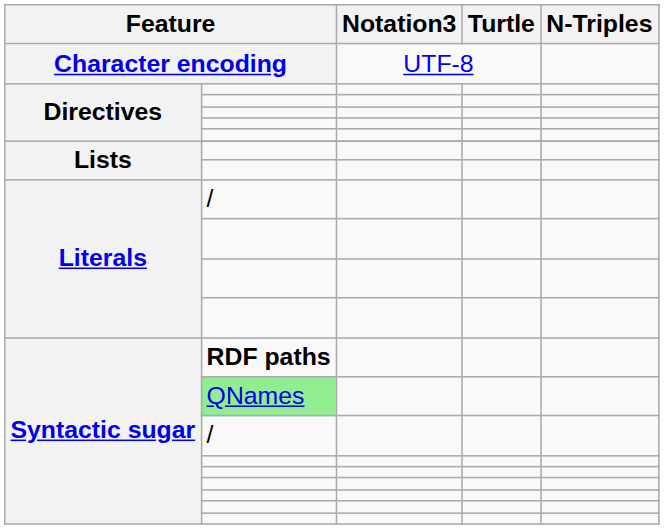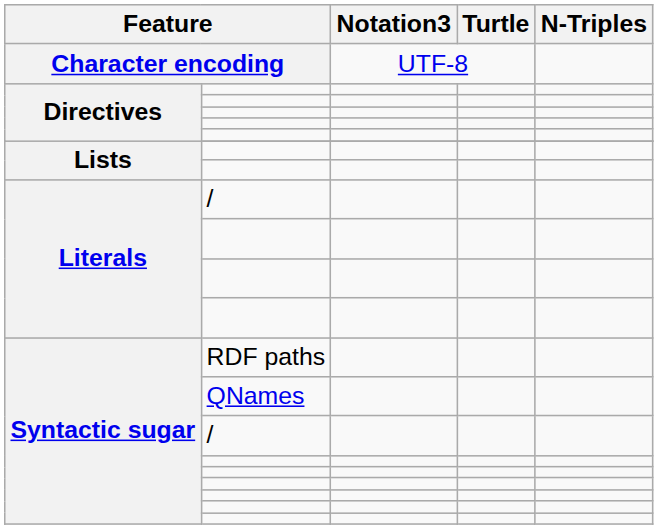 <table class="wikitable">
 <tr>
 <th scope="col" colspan="2">Feature</th>
 <th scope="col">Notation3</th>
 <th scope="col">Turtle</th>
 <th scope="col">N-Triples</th>
 </tr>
 <tr>
 <th colspan="2" ><a href='#'>Character encoding</a></th>
 <td colspan="2" align=center><a href='#'>UTF-8</a></td>
 <td></td>
 </tr>
 <tr>
 <th scope="row" rowspan="5" >Directives</th>
 <td></td>
 <td></td>
 <td></td>
 <td></td>
 </tr>
 <tr>
 <td></td>
 <td></td>
 <td></td>
 <td></td>
 </tr>
 <tr>
 <td></td>
 <td></td>
 <td></td>
 <td></td>
 </tr>
 <tr>
 <td></td>
 <td></td>
 <td></td>
 <td></td>
 </tr>
 <tr>
 <td></td>
 <td></td>
 <td></td>
 <td></td>
 </tr>
 <tr>
 <th scope="row" rowspan="3" >Lists</th>
 </tr>
 <tr>
 <td> </td>
 <td></td>
 <td></td>
 <td></td>
 </tr>
 <tr>
 <td> </td>
 <td></td>
 <td></td>
 <td></td>
 </tr>
 <tr>
 <th scope="row" rowspan="4" ><a href='#'>Literals</a></th>
 <td> / <br></td>
 <td></td>
 <td></td>
 <td></td>
 </tr>
 <tr>
 <td> <br></td>
 <td></td>
 <td></td>
 <td></td>
 </tr>
 <tr>
 <td> <br></td>
 <td></td>
 <td></td>
 <td></td>
 </tr>
 <tr>
 <td> <br></td>
 <td></td>
 <td></td>
 <td></td>
 </tr>
 <tr>
 <th scope="row" rowspan="9" ><a href='#'>Syntactic sugar</a></th>
-<td><strong>RDF paths</strong></td>
+<td>RDF paths</td>
 <td></td>
 <td></td>
 <td></td>
 </tr>
 <tr>
-<td style="background: lightgreen;"><a href='#'>QNames</a></td>
+<td><a href='#'>QNames</a></td>
 <td></td>
 <td></td>
 <td></td>
 </tr>
 <tr>
 <td>/ </td>
 <td></td>
 <td></td>
 <td></td>
 </tr>
 <tr>
 <td> </td>
 <td></td>
 <td></td>
 <td></td>
 </tr>
 <tr>
 <td> </td>
 <td></td>
 <td></td>
 <td></td>
 </tr>
 <tr>
 <td> </td>
 <td></td>
 <td></td>
 <td></td>
 </tr>
 <tr>
 <td> </td>
 <td></td>
 <td></td>
 <td></td>
 </tr>
 <tr>
 <td> </td>
 <td></td>
 <td></td>
 <td></td>
 </tr>
 <tr>
 <td> </td>
 <td></td>
 <td></td>
 <td></td>
 </tr>
 </table>
